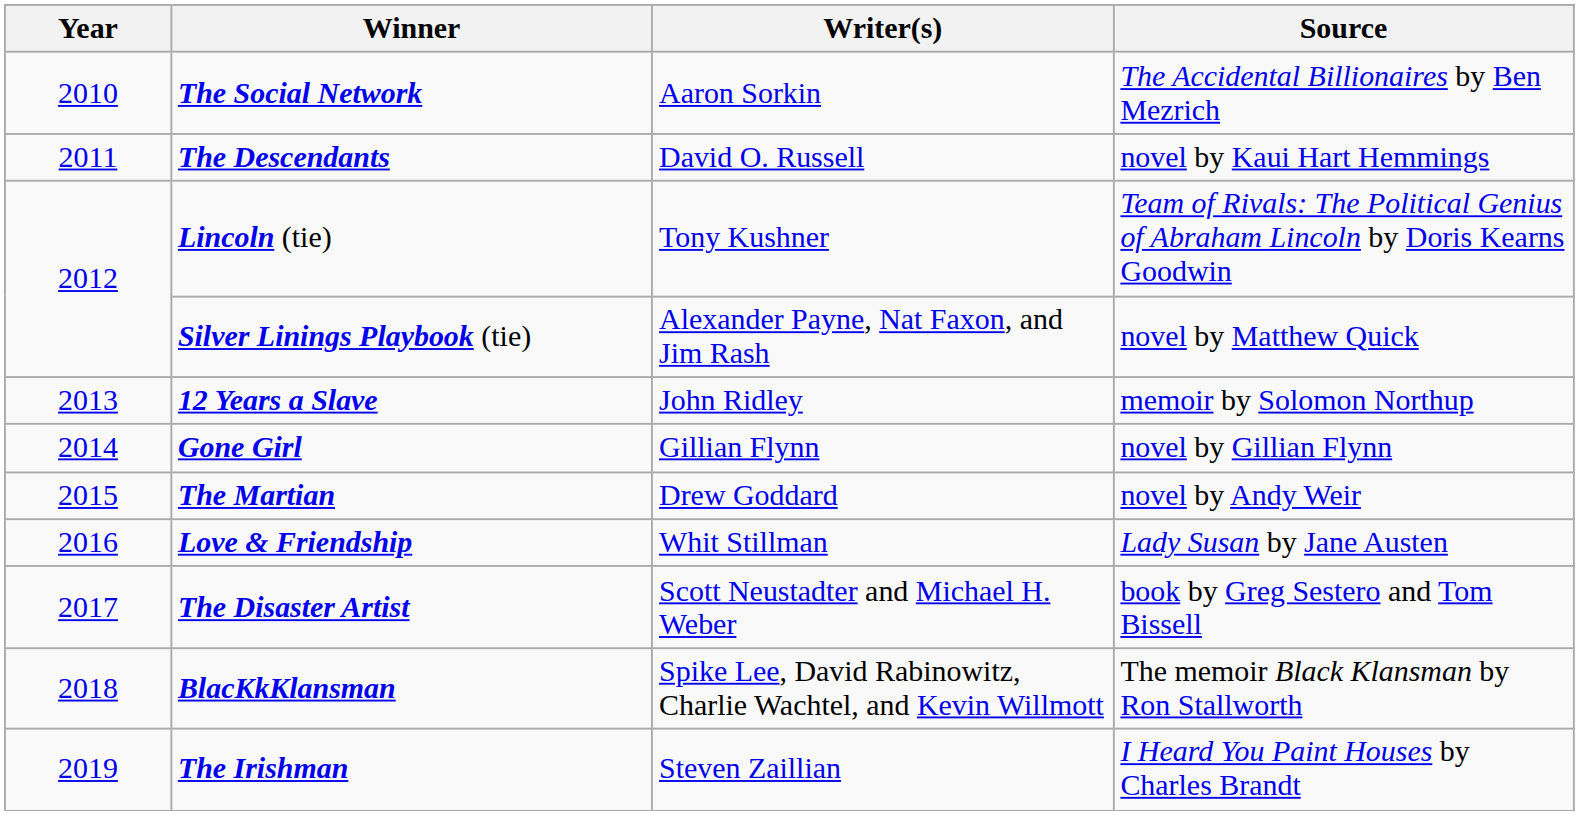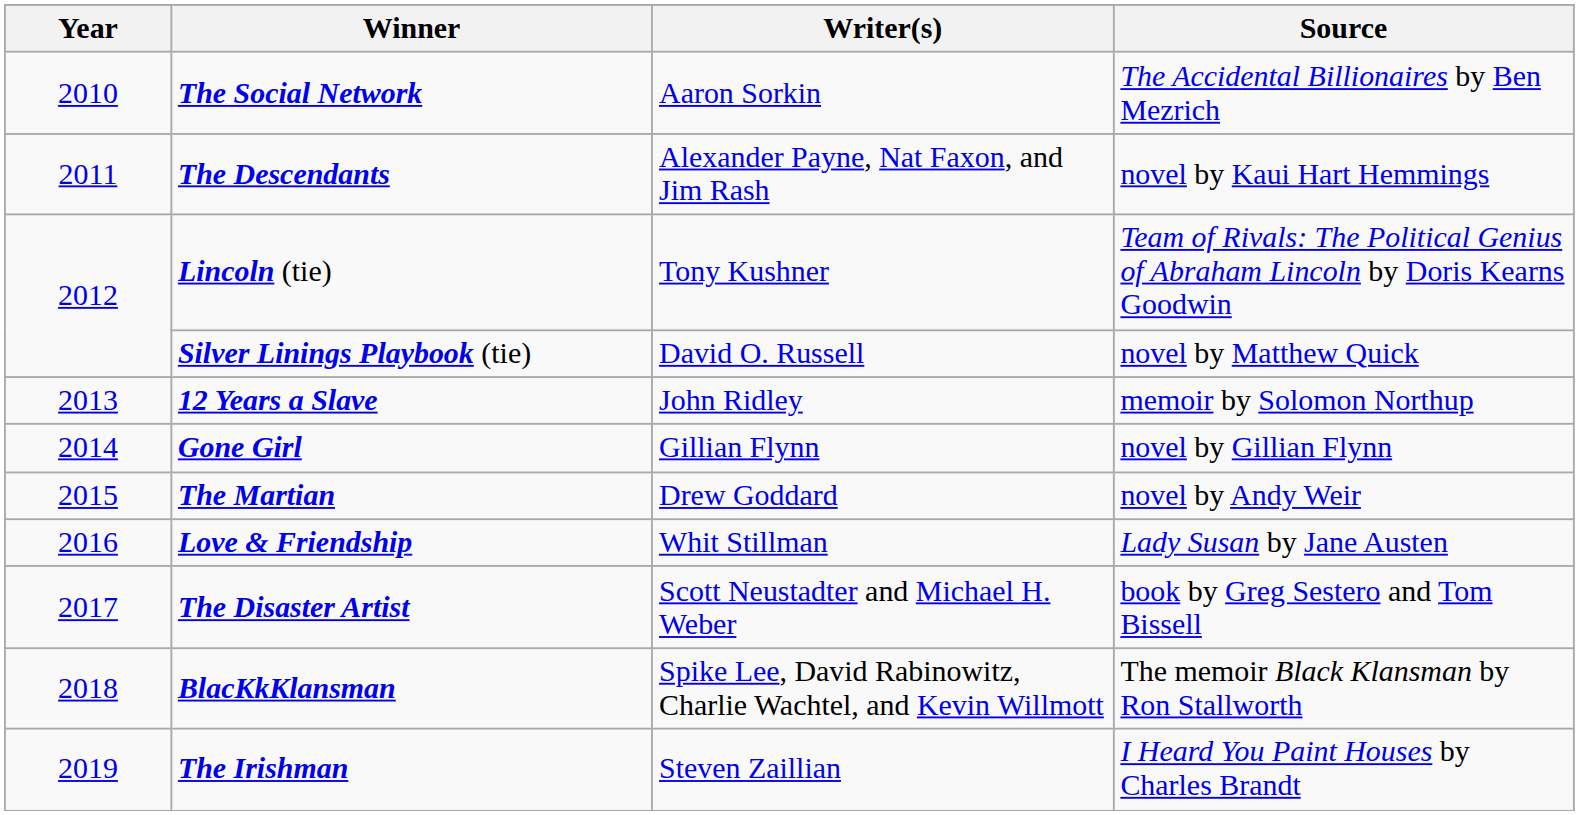 <table class="wikitable" width="95%" cellpadding="5">
 <tr>
 <th width="100"><strong>Year</strong></th>
 <th width="300"><strong>Winner</strong></th>
 <th width="300"><strong>Writer(s)</strong></th>
 <th width="300"><strong>Source</strong></th>
 </tr>
 <tr>
 <td style="text-align:center;"><a href='#'>2010</a></td>
 <td><strong><em><a href='#'>The Social Network</a></em></strong></td>
 <td><a href='#'>Aaron Sorkin</a></td>
 <td><em><a href='#'>The Accidental Billionaires</a></em> by <a href='#'>Ben Mezrich</a></td>
 </tr>
 <tr>
 <td style="text-align:center;"><a href='#'>2011</a></td>
 <td><strong><em><a href='#'>The Descendants</a></em></strong></td>
-<td><a href='#'>David O. Russell</a></td>
+<td><a href='#'>Alexander Payne</a>, <a href='#'>Nat Faxon</a>, and <a href='#'>Jim Rash</a></td>
 <td><a href='#'>novel</a> by <a href='#'>Kaui Hart Hemmings</a></td>
 </tr>
 <tr>
 <td rowspan="2;" style="text-align:center;"><a href='#'>2012</a></td>
 <td><strong><em><a href='#'>Lincoln</a></em></strong> (tie)</td>
 <td><a href='#'>Tony Kushner</a></td>
 <td><em><a href='#'>Team of Rivals: The Political Genius of Abraham Lincoln</a></em> by <a href='#'>Doris Kearns Goodwin</a></td>
 </tr>
 <tr>
 <td><strong><em><a href='#'>Silver Linings Playbook</a></em></strong> (tie)</td>
-<td><a href='#'>Alexander Payne</a>, <a href='#'>Nat Faxon</a>, and <a href='#'>Jim Rash</a></td>
+<td><a href='#'>David O. Russell</a></td>
 <td><a href='#'>novel</a> by <a href='#'>Matthew Quick</a></td>
 </tr>
 <tr>
 <td style="text-align:center;"><a href='#'>2013</a></td>
 <td><strong><em><a href='#'>12 Years a Slave</a></em></strong></td>
 <td><a href='#'>John Ridley</a></td>
 <td><a href='#'>memoir</a> by <a href='#'>Solomon Northup</a></td>
 </tr>
 <tr>
 <td style="text-align:center;"><a href='#'>2014</a></td>
 <td><strong><em><a href='#'>Gone Girl</a></em></strong></td>
 <td><a href='#'>Gillian Flynn</a></td>
 <td><a href='#'>novel</a> by <a href='#'>Gillian Flynn</a></td>
 </tr>
 <tr>
 <td style="text-align:center;"><a href='#'>2015</a></td>
 <td><strong><em><a href='#'>The Martian</a></em></strong></td>
 <td><a href='#'>Drew Goddard</a></td>
 <td><a href='#'>novel</a> by <a href='#'>Andy Weir</a></td>
 </tr>
 <tr>
 <td style="text-align:center;"><a href='#'>2016</a></td>
 <td><strong><em><a href='#'>Love & Friendship</a></em></strong></td>
 <td><a href='#'>Whit Stillman</a></td>
 <td><em><a href='#'>Lady Susan</a></em> by <a href='#'>Jane Austen</a></td>
 </tr>
 <tr>
 <td style="text-align:center;"><a href='#'>2017</a></td>
 <td><strong><em><a href='#'>The Disaster Artist</a></em></strong></td>
 <td><a href='#'>Scott Neustadter</a> and <a href='#'>Michael H. Weber</a></td>
 <td><a href='#'>book</a> by <a href='#'>Greg Sestero</a> and <a href='#'>Tom Bissell</a></td>
 </tr>
 <tr>
 <td style="text-align:center;"><a href='#'>2018</a></td>
 <td><strong><em><a href='#'>BlacKkKlansman</a></em></strong></td>
 <td><a href='#'>Spike Lee</a>, David Rabinowitz, Charlie Wachtel, and <a href='#'>Kevin Willmott</a></td>
 <td>The memoir <em>Black Klansman</em> by <a href='#'>Ron Stallworth</a></td>
 </tr>
 <tr>
 <td style="text-align:center;"><a href='#'>2019</a></td>
 <td><strong><em><a href='#'>The Irishman</a></em></strong></td>
 <td><a href='#'>Steven Zaillian</a></td>
 <td><em><a href='#'>I Heard You Paint Houses</a></em> by <a href='#'>Charles Brandt</a></td>
 </tr>
 </table>
